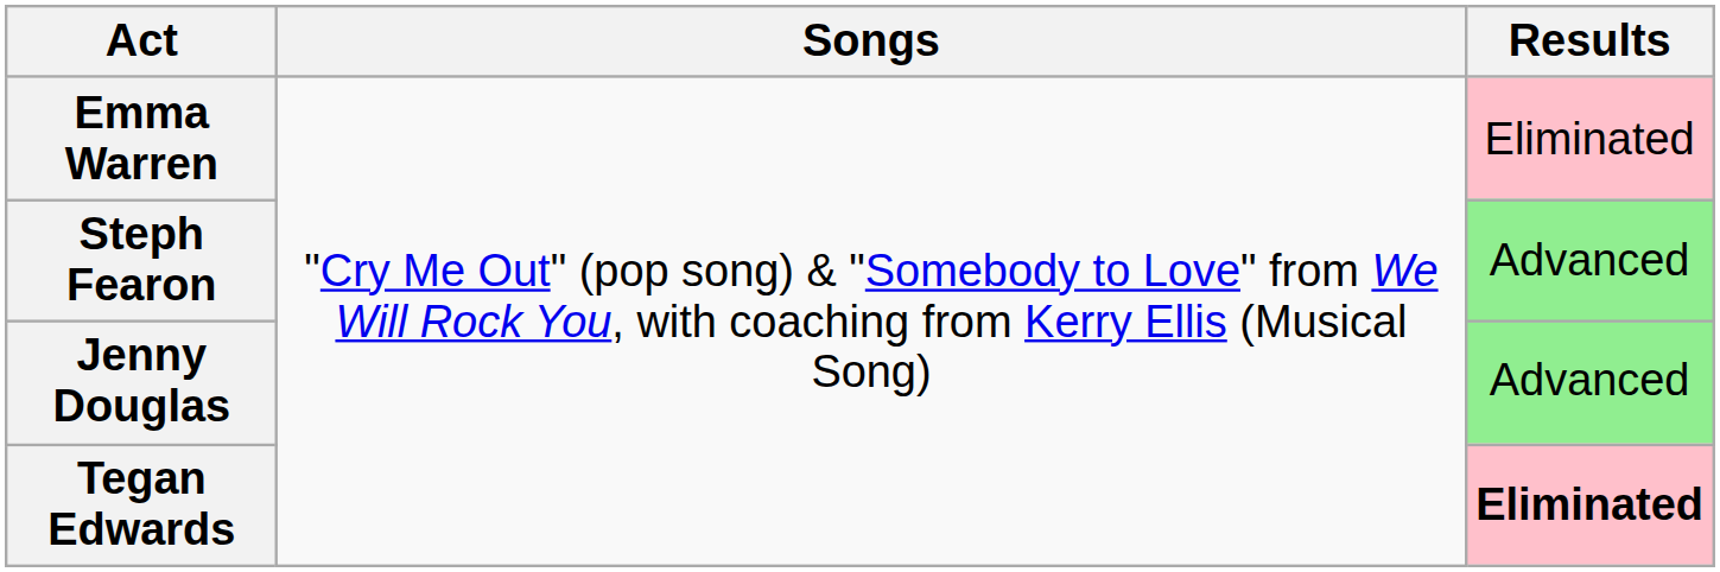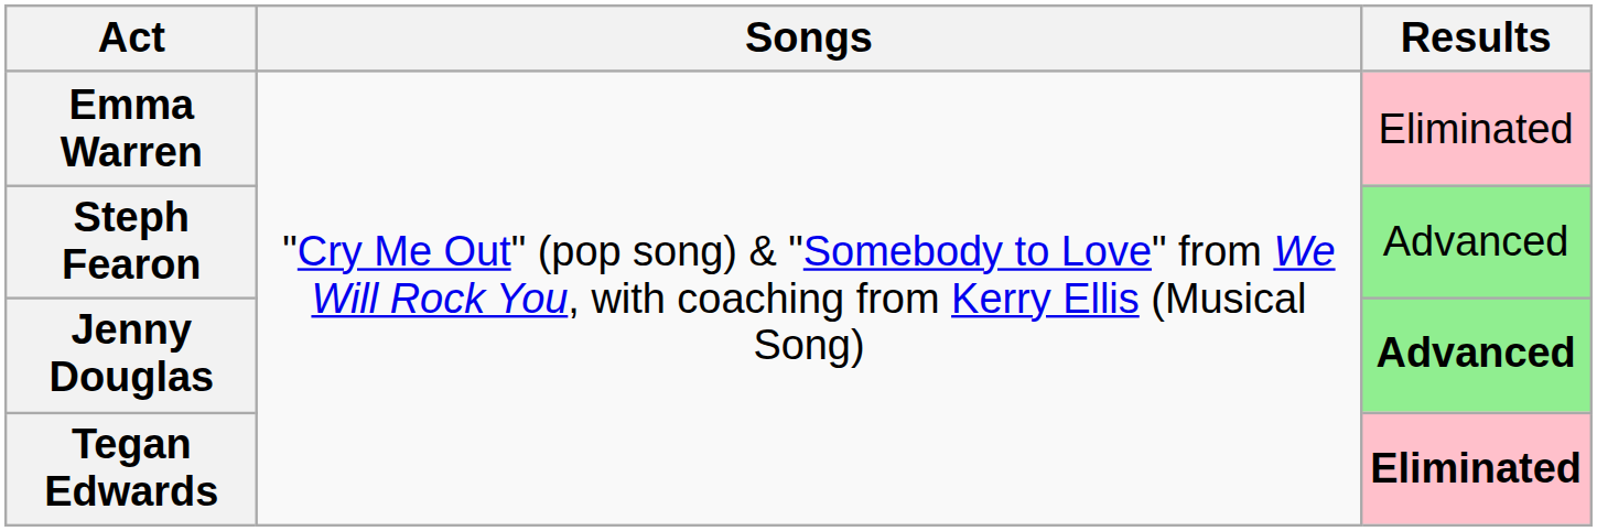 <table class="wikitable plainrowheaders" style="text-align:center;">
 <tr>
 <th scope="col">Act</th>
 <th scope="col">Songs</th>
 <th scope="col">Results</th>
 </tr>
 <tr>
 <th scope="row">Emma Warren</th>
 <td rowspan="4">"<a href='#'>Cry Me Out</a>" (pop song) &  "<a href='#'>Somebody to Love</a>" from <em><a href='#'>We Will Rock You</a></em>, with coaching from <a href='#'>Kerry Ellis</a> (Musical Song)</td>
 <td style="background:pink;">Eliminated</td>
 </tr>
 <tr>
 <th scope="row">Steph Fearon</th>
 <td style="background:lightgreen;">Advanced</td>
 </tr>
 <tr>
 <th scope="row">Jenny Douglas</th>
-<td style="background:lightgreen;">Advanced</td>
+<td style="background:lightgreen;"><strong>Advanced</strong></td>
 </tr>
 <tr>
 <th scope="row">Tegan Edwards</th>
 <td style="background:pink;"><strong>Eliminated</strong></td>
 </tr>
 </table>
